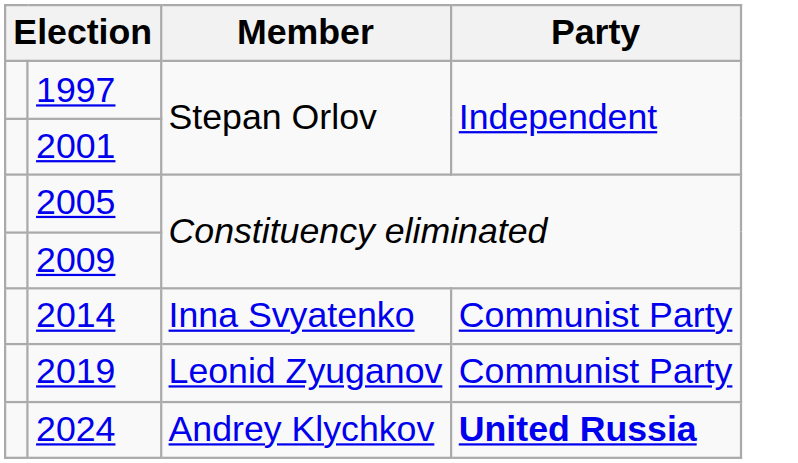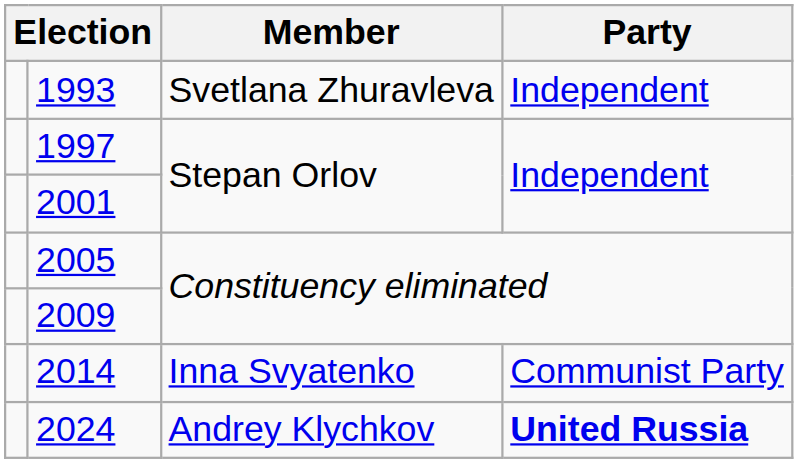 <table class="wikitable">
 <tr>
 <th colspan="2">Election</th>
 <th>Member</th>
 <th>Party</th>
+</tr>
+<tr>
+<td style="background-color:"></td>
+<td><a href='#'>1993</a></td>
+<td>Svetlana Zhuravleva</td>
+<td><a href='#'>Independent</a></td>
 </tr>
 <tr>
 <td style="background-color:"></td>
 <td><a href='#'>1997</a></td>
 <td rowspan=2>Stepan Orlov</td>
 <td rowspan=2><a href='#'>Independent</a></td>
 </tr>
 <tr>
 <td style="background-color:"></td>
 <td><a href='#'>2001</a></td>
 </tr>
 <tr>
 <td style="background-color:"></td>
 <td><a href='#'>2005</a></td>
 <td colspan=2 rowspan=2><em>Constituency eliminated</em></td>
 </tr>
 <tr>
 <td style="background-color:"></td>
 <td><a href='#'>2009</a></td>
 </tr>
 <tr>
 <td style="background-color:"></td>
 <td><a href='#'>2014</a></td>
 <td><a href='#'>Inna Svyatenko</a></td>
 <td><a href='#'>Communist Party</a></td>
 </tr>
 <tr>
 <td style="background-color:"></td>
-<td><a href='#'>2019</a></td>
-<td><a href='#'>Leonid Zyuganov</a></td>
-<td><a href='#'>Communist Party</a></td>
-</tr>
-<tr>
-<td style="background-color:"></td>
 <td><a href='#'>2024</a></td>
 <td><a href='#'>Andrey Klychkov</a></td>
 <td><strong><a href='#'>United Russia</a></strong></td>
 </tr>
 </table>
